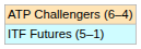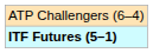 <table class="wikitable">
 <tr bgcolor="moccasin">
 <td>ATP Challengers (6–4)</td>
 </tr>
 <tr bgcolor="CFFCFF">
-<td>ITF Futures (5–1)</td>
+<td><strong>ITF Futures (5–1)</strong></td>
 </tr>
 </table>
